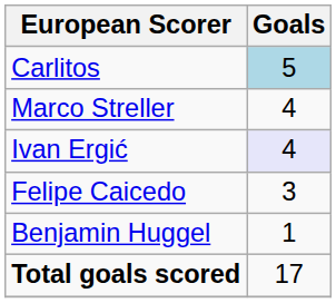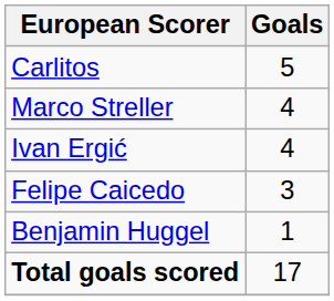 <table class="wikitable">
 <tr>
 <th>European Scorer</th>
 <th>Goals</th>
 </tr>
 <tr>
 <td> <a href='#'>Carlitos</a></td>
-<td style="background: lightblue; text-align:center;">5</td>
+<td style="text-align:center;">5</td>
 </tr>
 <tr>
 <td> <a href='#'>Marco Streller</a></td>
 <td style="text-align:center;">4</td>
 </tr>
 <tr>
 <td> <a href='#'>Ivan Ergić</a></td>
-<td style="background: lavender; text-align:center;">4</td>
+<td style="text-align:center;">4</td>
 </tr>
 <tr>
 <td> <a href='#'>Felipe Caicedo</a></td>
 <td style="text-align:center;">3</td>
 </tr>
 <tr>
 <td> <a href='#'>Benjamin Huggel</a></td>
 <td style="text-align:center;">1</td>
 </tr>
 <tr>
 <td><strong>Total goals scored</strong></td>
 <td style="text-align:center;">17</td>
 </tr>
 <tr>
 </tr>
 </table>
